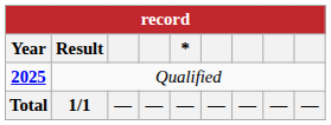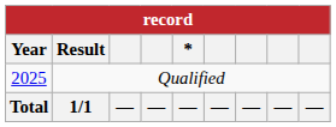 <table class="wikitable mw-collapsible" style="text-align: center;font-size:95%;">
 <tr>
 <th colspan="9" style="background: #C1272D; color: #FFFFFF;"><a href='#'></a> record</th>
 </tr>
 <tr>
 <th>Year</th>
 <th>Result</th>
 <th width=20></th>
 <th width=20></th>
 <th width=20>*</th>
 <th width=20></th>
 <th width=20></th>
 <th width=20></th>
 <th width=20></th>
 </tr>
 <tr>
-<td><strong> <a href='#'>2025</a></strong></td>
+<td> <a href='#'>2025</a></td>
 <td colspan="8"><em>Qualified</em></td>
 </tr>
 <tr>
 <th>Total</th>
 <th>1/1</th>
 <th>—</th>
 <th>—</th>
 <th>—</th>
 <th>—</th>
 <th>—</th>
 <th>—</th>
 <th>—</th>
 </tr>
 </table>
